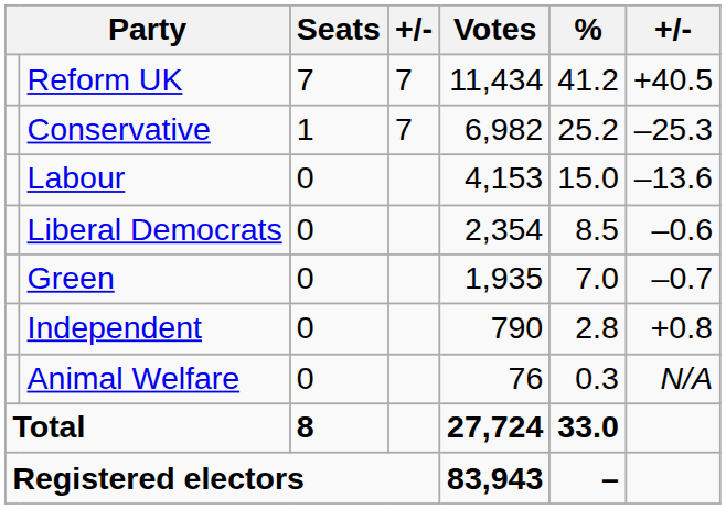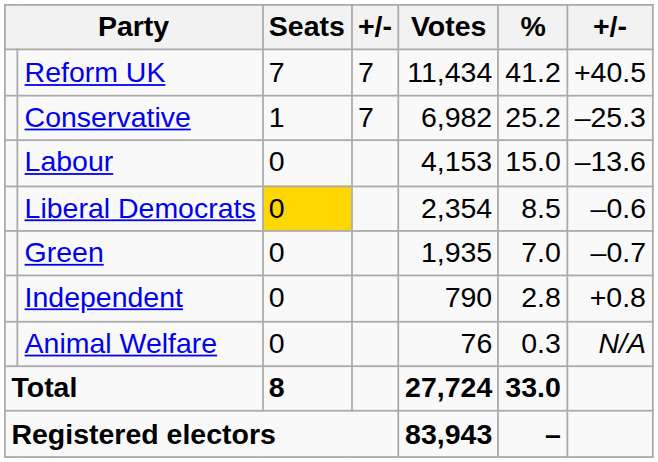 <table class="wikitable sortable">
 <tr>
 <th colspan="2">Party</th>
 <th>Seats</th>
 <th>+/-</th>
 <th>Votes</th>
 <th>%</th>
 <th>+/-</th>
 </tr>
 <tr>
 <td style="background-color: "></td>
 <td><a href='#'>Reform UK</a></td>
 <td>7</td>
 <td> 7</td>
 <td style="text-align:right;">11,434</td>
 <td style="text-align:right;">41.2</td>
 <td style="text-align:right;">+40.5</td>
 </tr>
 <tr>
 <td style="background-color: "></td>
 <td><a href='#'>Conservative</a></td>
 <td>1</td>
 <td> 7</td>
 <td style="text-align:right;">6,982</td>
 <td style="text-align:right;">25.2</td>
 <td style="text-align:right;">–25.3</td>
 </tr>
 <tr>
 <td style="background-color: "></td>
 <td><a href='#'>Labour</a></td>
 <td>0</td>
 <td></td>
 <td style="text-align:right;">4,153</td>
 <td style="text-align:right;">15.0</td>
 <td style="text-align:right;">–13.6</td>
 </tr>
 <tr>
 <td style="background-color: "></td>
 <td><a href='#'>Liberal Democrats</a></td>
-<td>0</td>
+<td style="background: gold;">0</td>
 <td></td>
 <td style="text-align:right;">2,354</td>
 <td style="text-align:right;">8.5</td>
 <td style="text-align:right;">–0.6</td>
 </tr>
 <tr>
 <td style="background-color: "></td>
 <td><a href='#'>Green</a></td>
 <td>0</td>
 <td></td>
 <td style="text-align:right;">1,935</td>
 <td style="text-align:right;">7.0</td>
 <td style="text-align:right;">–0.7</td>
 </tr>
 <tr>
 <td style="background-color: "></td>
 <td><a href='#'>Independent</a></td>
 <td>0</td>
 <td></td>
 <td style="text-align:right;">790</td>
 <td style="text-align:right;">2.8</td>
 <td style="text-align:right;">+0.8</td>
 </tr>
 <tr>
 <td style="background-color: "></td>
 <td><a href='#'>Animal Welfare</a></td>
 <td>0</td>
 <td></td>
 <td style="text-align:right;">76</td>
 <td style="text-align:right;">0.3</td>
 <td style="text-align:right;"><em>N/A</em></td>
 </tr>
 <tr>
 <td colspan="2"><strong>Total</strong></td>
 <td><strong>8</strong></td>
 <td></td>
 <td style="text-align:right;"><strong>27,724</strong></td>
 <td style="text-align:right;"><strong>33.0</strong></td>
 <td style="text-align:right;"></td>
 </tr>
 <tr>
 <td colspan="4"><strong>Registered electors</strong></td>
 <td style="text-align:right;"><strong>83,943</strong></td>
 <td style="text-align:right;"><strong>–</strong></td>
 <td style="text-align:right;"></td>
 </tr>
 </table>
